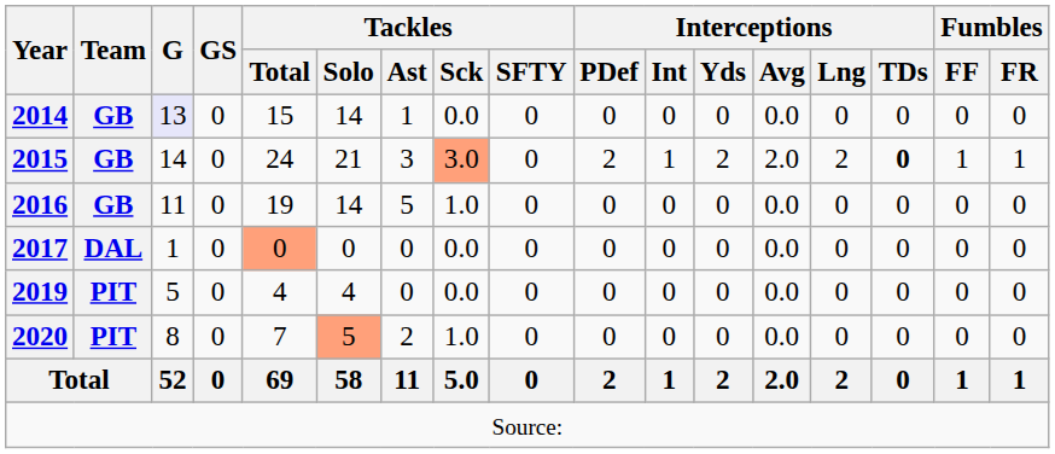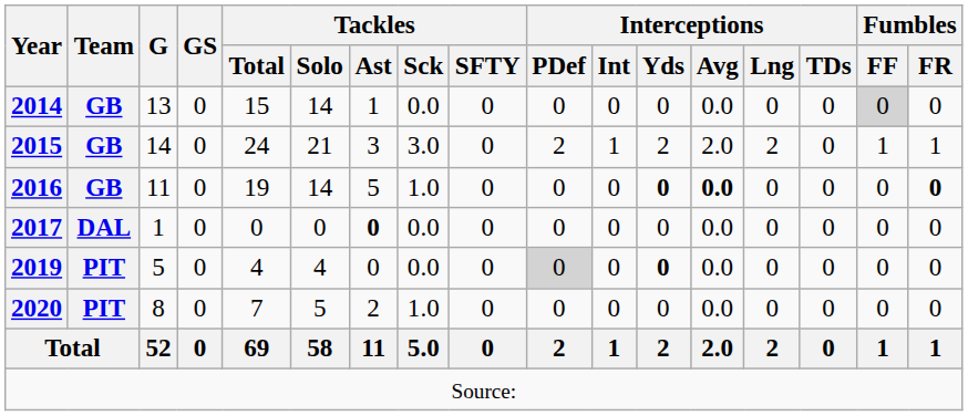 <table class="wikitable" style="text-align: center;">
 <tr>
 <th rowspan=2>Year</th>
 <th rowspan=2>Team</th>
 <th rowspan=2>G</th>
 <th rowspan=2>GS</th>
 <th colspan=5>Tackles</th>
 <th colspan=6>Interceptions</th>
 <th colspan=2>Fumbles</th>
 </tr>
 <tr>
 <th>Total</th>
 <th>Solo</th>
 <th>Ast</th>
 <th>Sck</th>
 <th>SFTY</th>
 <th>PDef</th>
 <th>Int</th>
 <th>Yds</th>
 <th>Avg</th>
 <th>Lng</th>
 <th>TDs</th>
 <th>FF</th>
 <th>FR</th>
 </tr>
 <tr>
 <th><a href='#'>2014</a></th>
 <th><a href='#'>GB</a></th>
-<td style="background: lavender;">13</td>
+<td>13</td>
 <td>0</td>
 <td>15</td>
 <td>14</td>
 <td>1</td>
 <td>0.0</td>
 <td>0</td>
 <td>0</td>
 <td>0</td>
 <td>0</td>
 <td>0.0</td>
 <td>0</td>
 <td>0</td>
-<td>0</td>
+<td style="background: lightgrey;">0</td>
 <td>0</td>
 </tr>
 <tr>
 <th><a href='#'>2015</a></th>
 <th><a href='#'>GB</a></th>
 <td>14</td>
 <td>0</td>
 <td>24</td>
 <td>21</td>
 <td>3</td>
-<td style="background: lightsalmon;">3.0</td>
+<td>3.0</td>
 <td>0</td>
 <td>2</td>
 <td>1</td>
 <td>2</td>
 <td>2.0</td>
 <td>2</td>
-<td><strong>0</strong></td>
+<td>0</td>
 <td>1</td>
 <td>1</td>
 </tr>
 <tr>
 <th><a href='#'>2016</a></th>
 <th><a href='#'>GB</a></th>
 <td>11</td>
 <td>0</td>
 <td>19</td>
 <td>14</td>
 <td>5</td>
 <td>1.0</td>
 <td>0</td>
 <td>0</td>
 <td>0</td>
-<td>0</td>
-<td>0.0</td>
+<td><strong>0</strong></td>
+<td><strong>0.0</strong></td>
 <td>0</td>
 <td>0</td>
 <td>0</td>
-<td>0</td>
+<td><strong>0</strong></td>
 </tr>
 <tr>
 <th><a href='#'>2017</a></th>
 <th><a href='#'>DAL</a></th>
 <td>1</td>
 <td>0</td>
-<td style="background: lightsalmon;">0</td>
 <td>0</td>
 <td>0</td>
+<td><strong>0</strong></td>
 <td>0.0</td>
 <td>0</td>
 <td>0</td>
 <td>0</td>
 <td>0</td>
 <td>0.0</td>
 <td>0</td>
 <td>0</td>
 <td>0</td>
 <td>0</td>
 </tr>
 <tr>
 <th><a href='#'>2019</a></th>
 <th><a href='#'>PIT</a></th>
 <td>5</td>
 <td>0</td>
 <td>4</td>
 <td>4</td>
 <td>0</td>
 <td>0.0</td>
 <td>0</td>
+<td style="background: lightgrey;">0</td>
 <td>0</td>
-<td>0</td>
-<td>0</td>
+<td><strong>0</strong></td>
 <td>0.0</td>
 <td>0</td>
 <td>0</td>
 <td>0</td>
 <td>0</td>
 </tr>
 <tr>
 <th><a href='#'>2020</a></th>
 <th><a href='#'>PIT</a></th>
 <td>8</td>
 <td>0</td>
 <td>7</td>
-<td style="background: lightsalmon;">5</td>
+<td>5</td>
 <td>2</td>
 <td>1.0</td>
 <td>0</td>
 <td>0</td>
 <td>0</td>
 <td>0</td>
 <td>0.0</td>
 <td>0</td>
 <td>0</td>
 <td>0</td>
 <td>0</td>
 </tr>
 <tr>
 <th colspan=2>Total</th>
 <th>52</th>
 <th>0</th>
 <th>69</th>
 <th>58</th>
 <th>11</th>
 <th>5.0</th>
 <th>0</th>
 <th>2</th>
 <th>1</th>
 <th>2</th>
 <th>2.0</th>
 <th>2</th>
 <th>0</th>
 <th>1</th>
 <th>1</th>
 </tr>
 <tr>
 <td colspan="17"><small>Source: </small></td>
 </tr>
 </table>
